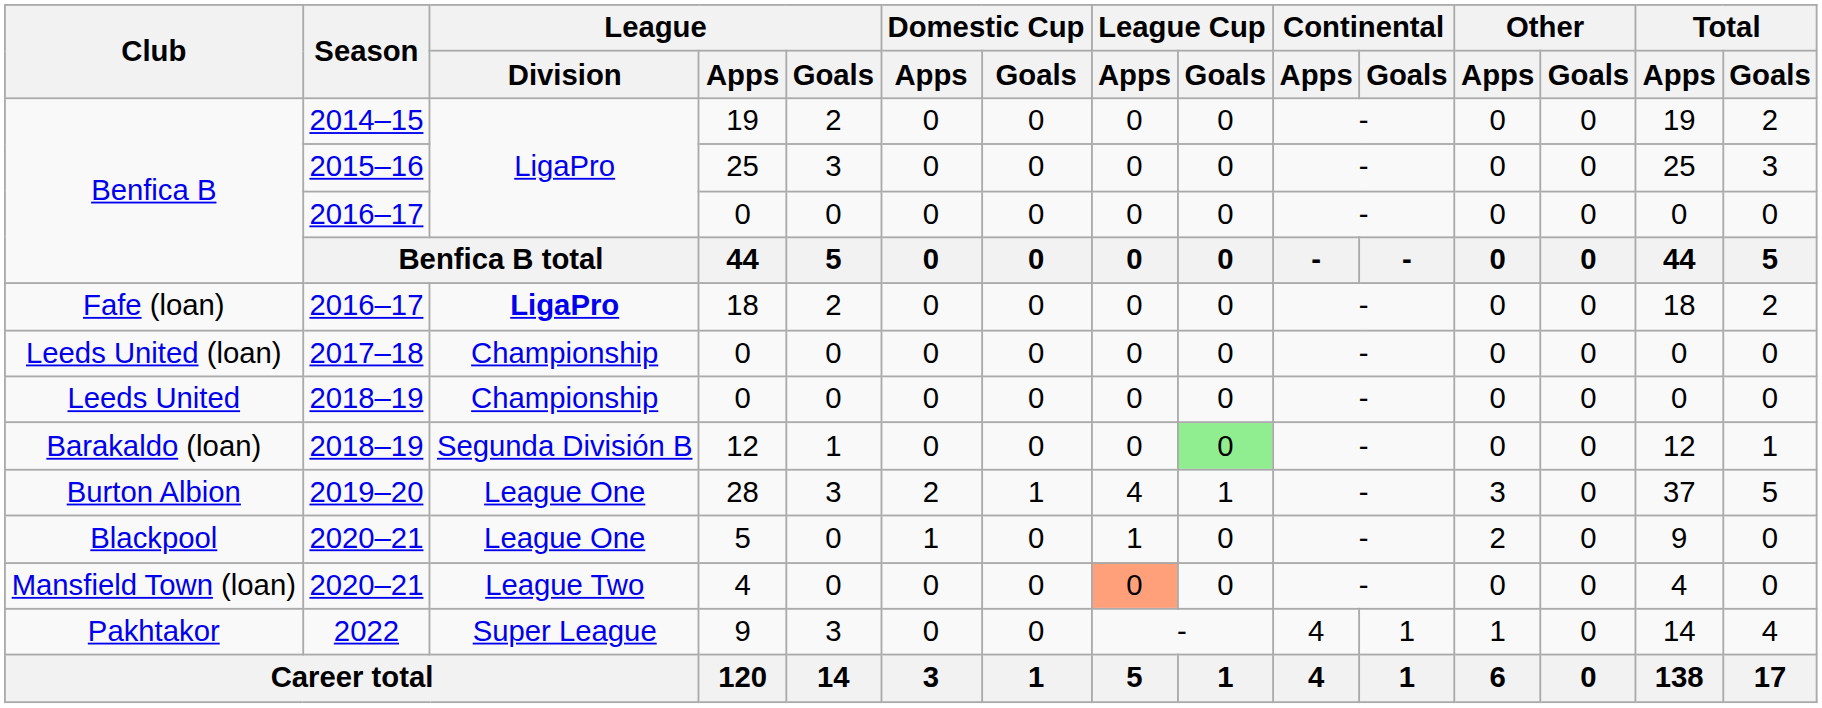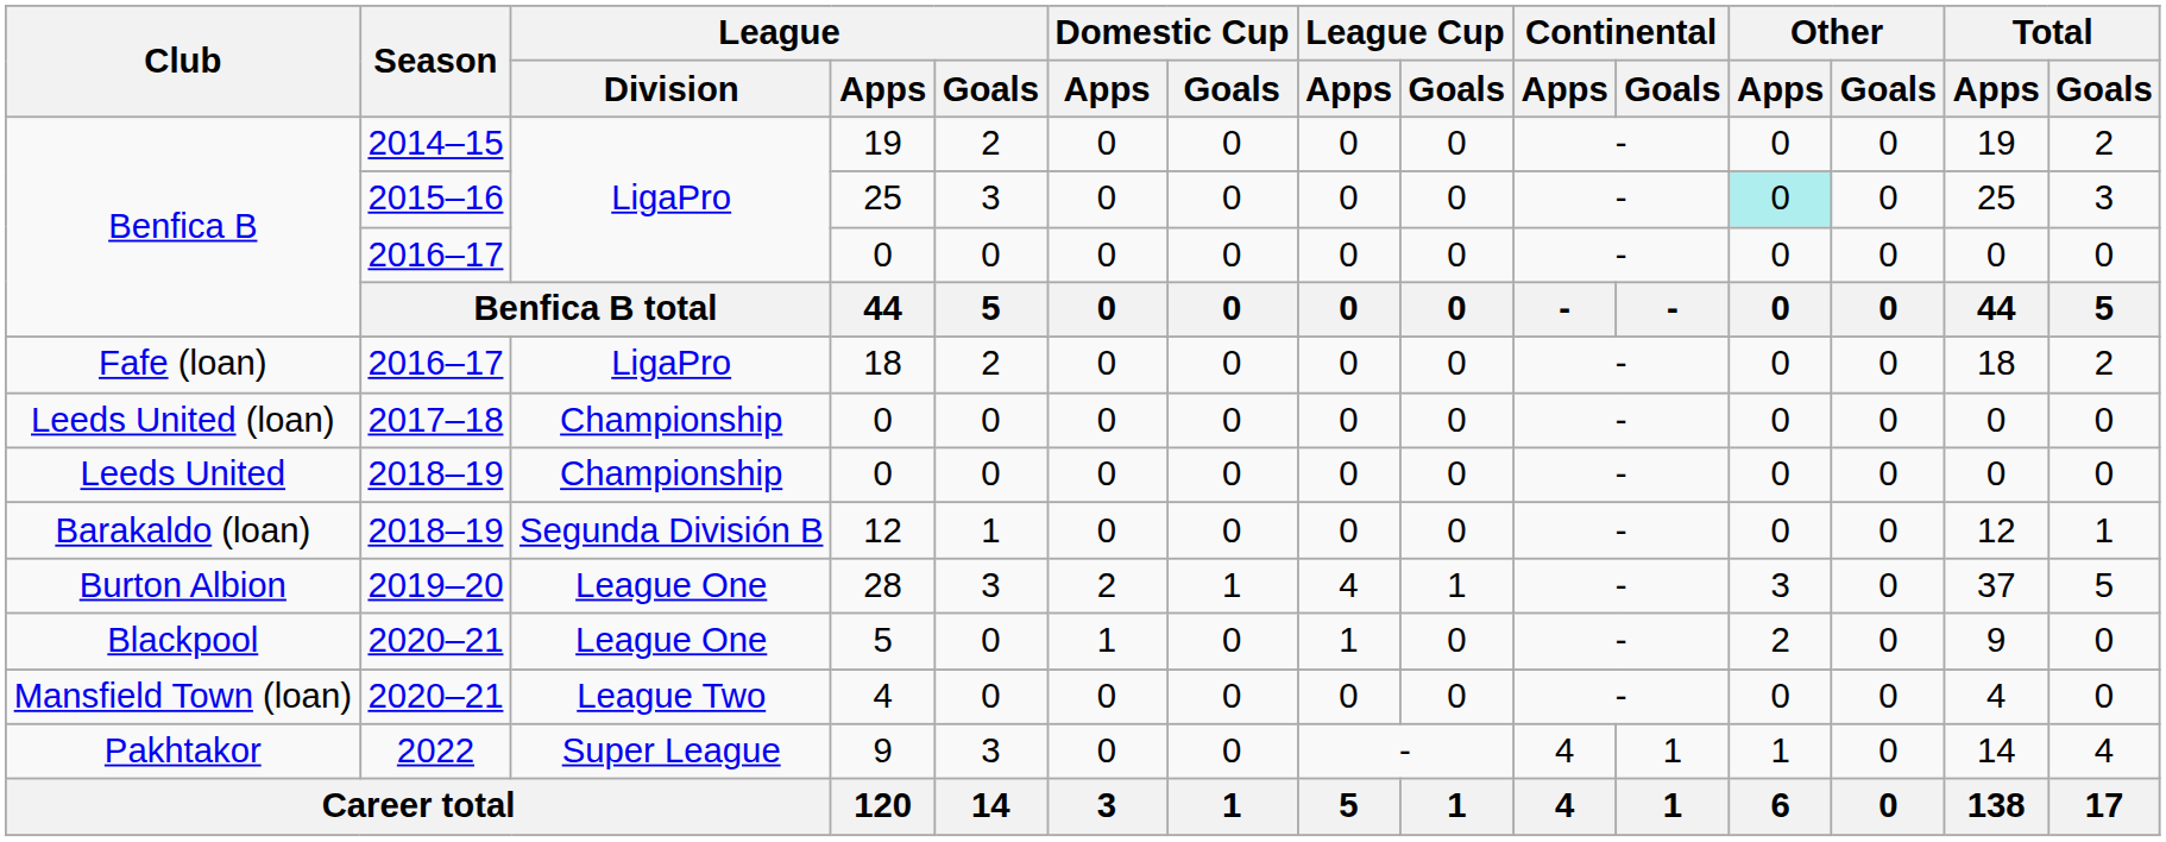 <table class="wikitable" style="text-align:center">
 <tr>
 <th rowspan="2">Club</th>
 <th rowspan="2">Season</th>
 <th colspan="3">League</th>
 <th colspan="2">Domestic Cup</th>
 <th colspan="2">League Cup</th>
 <th colspan="2">Continental</th>
 <th colspan="2">Other</th>
 <th colspan="2">Total</th>
 </tr>
 <tr>
 <th>Division</th>
 <th>Apps</th>
 <th>Goals</th>
 <th>Apps</th>
 <th>Goals</th>
 <th>Apps</th>
 <th>Goals</th>
 <th>Apps</th>
 <th>Goals</th>
 <th>Apps</th>
 <th>Goals</th>
 <th>Apps</th>
 <th>Goals</th>
 </tr>
 <tr>
 <td rowspan="4"><a href='#'>Benfica B</a></td>
 <td><a href='#'>2014–15</a></td>
 <td rowspan="3"><a href='#'>LigaPro</a></td>
 <td>19</td>
 <td>2</td>
 <td>0</td>
 <td>0</td>
 <td>0</td>
 <td>0</td>
 <td colspan="2">-</td>
 <td>0</td>
 <td>0</td>
 <td>19</td>
 <td>2</td>
 </tr>
 <tr>
 <td><a href='#'>2015–16</a></td>
 <td>25</td>
 <td>3</td>
 <td>0</td>
 <td>0</td>
 <td>0</td>
 <td>0</td>
 <td colspan="2">-</td>
-<td>0</td>
+<td style="background: paleturquoise;">0</td>
 <td>0</td>
 <td>25</td>
 <td>3</td>
 </tr>
 <tr>
 <td><a href='#'>2016–17</a></td>
 <td>0</td>
 <td>0</td>
 <td>0</td>
 <td>0</td>
 <td>0</td>
 <td>0</td>
 <td colspan="2">-</td>
 <td>0</td>
 <td>0</td>
 <td>0</td>
 <td>0</td>
 </tr>
 <tr>
 <th colspan="2">Benfica B total</th>
 <th>44</th>
 <th>5</th>
 <th>0</th>
 <th>0</th>
 <th>0</th>
 <th>0</th>
 <th>-</th>
 <th>-</th>
 <th>0</th>
 <th>0</th>
 <th>44</th>
 <th>5</th>
 </tr>
 <tr>
 <td><a href='#'>Fafe</a> (loan)</td>
 <td><a href='#'>2016–17</a></td>
-<td><strong><a href='#'>LigaPro</a></strong></td>
+<td><a href='#'>LigaPro</a></td>
 <td>18</td>
 <td>2</td>
 <td>0</td>
 <td>0</td>
 <td>0</td>
 <td>0</td>
 <td colspan="2">-</td>
 <td>0</td>
 <td>0</td>
 <td>18</td>
 <td>2</td>
 </tr>
 <tr>
 <td><a href='#'>Leeds United</a> (loan)</td>
 <td><a href='#'>2017–18</a></td>
 <td><a href='#'>Championship</a></td>
 <td>0</td>
 <td>0</td>
 <td>0</td>
 <td>0</td>
 <td>0</td>
 <td>0</td>
 <td colspan="2">-</td>
 <td>0</td>
 <td>0</td>
 <td>0</td>
 <td>0</td>
 </tr>
 <tr>
 <td><a href='#'>Leeds United</a></td>
 <td><a href='#'>2018–19</a></td>
 <td><a href='#'>Championship</a></td>
 <td>0</td>
 <td>0</td>
 <td>0</td>
 <td>0</td>
 <td>0</td>
 <td>0</td>
 <td colspan="2">-</td>
 <td>0</td>
 <td>0</td>
 <td>0</td>
 <td>0</td>
 </tr>
 <tr>
 <td><a href='#'>Barakaldo</a> (loan)</td>
 <td><a href='#'>2018–19</a></td>
 <td><a href='#'>Segunda División B</a></td>
 <td>12</td>
 <td>1</td>
 <td>0</td>
 <td>0</td>
 <td>0</td>
-<td style="background: lightgreen;">0</td>
+<td>0</td>
 <td colspan="2">-</td>
 <td>0</td>
 <td>0</td>
 <td>12</td>
 <td>1</td>
 </tr>
 <tr>
 <td><a href='#'>Burton Albion</a></td>
 <td><a href='#'>2019–20</a></td>
 <td><a href='#'>League One</a></td>
 <td>28</td>
 <td>3</td>
 <td>2</td>
 <td>1</td>
 <td>4</td>
 <td>1</td>
 <td colspan="2">-</td>
 <td>3</td>
 <td>0</td>
 <td>37</td>
 <td>5</td>
 </tr>
 <tr>
 <td><a href='#'>Blackpool</a></td>
 <td><a href='#'>2020–21</a></td>
 <td><a href='#'>League One</a></td>
 <td>5</td>
 <td>0</td>
 <td>1</td>
 <td>0</td>
 <td>1</td>
 <td>0</td>
 <td colspan="2">-</td>
 <td>2</td>
 <td>0</td>
 <td>9</td>
 <td>0</td>
 </tr>
 <tr>
 <td><a href='#'>Mansfield Town</a> (loan)</td>
 <td><a href='#'>2020–21</a></td>
 <td><a href='#'>League Two</a></td>
 <td>4</td>
 <td>0</td>
 <td>0</td>
 <td>0</td>
-<td style="background: lightsalmon;">0</td>
+<td>0</td>
 <td>0</td>
 <td colspan="2">-</td>
 <td>0</td>
 <td>0</td>
 <td>4</td>
 <td>0</td>
 </tr>
 <tr>
 <td><a href='#'>Pakhtakor</a></td>
 <td><a href='#'>2022</a></td>
 <td><a href='#'>Super League</a></td>
 <td>9</td>
 <td>3</td>
 <td>0</td>
 <td>0</td>
 <td colspan="2">-</td>
 <td>4</td>
 <td>1</td>
 <td>1</td>
 <td>0</td>
 <td>14</td>
 <td>4</td>
 </tr>
 <tr>
 <th colspan="3">Career total</th>
 <th>120</th>
 <th>14</th>
 <th>3</th>
 <th>1</th>
 <th>5</th>
 <th>1</th>
 <th>4</th>
 <th>1</th>
 <th>6</th>
 <th>0</th>
 <th>138</th>
 <th>17</th>
 </tr>
 </table>
